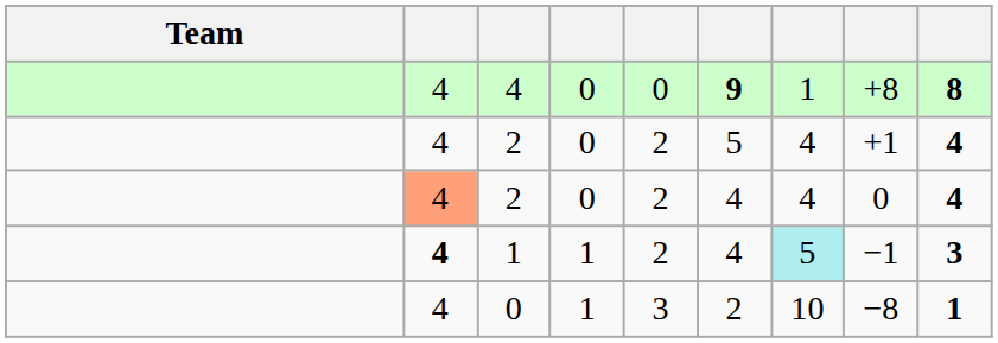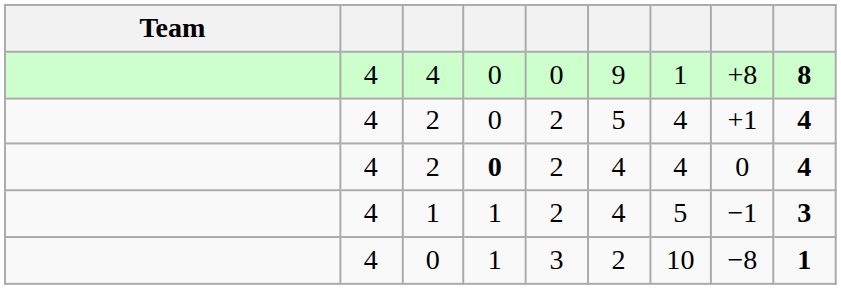 <table class="wikitable" style="text-align: center; font-size: 90%;">
 <tr>
 <th width="165">Team</th>
 <th width="25"></th>
 <th width="25"></th>
 <th width="25"></th>
 <th width="25"></th>
 <th width="25"></th>
 <th width="25"></th>
 <th width="25"></th>
 <th width="25"></th>
 </tr>
 <tr bgcolor=#ccffcc>
 <td align="left"></td>
 <td>4</td>
 <td>4</td>
 <td>0</td>
 <td>0</td>
-<td><strong>9</strong></td>
+<td>9</td>
 <td>1</td>
 <td>+8</td>
 <td><strong>8</strong></td>
 </tr>
 <tr>
 <td align="left"></td>
 <td>4</td>
 <td>2</td>
 <td>0</td>
 <td>2</td>
 <td>5</td>
 <td>4</td>
 <td>+1</td>
 <td><strong>4</strong></td>
 </tr>
 <tr>
 <td align="left"></td>
-<td style="background: lightsalmon;">4</td>
+<td>4</td>
 <td>2</td>
-<td>0</td>
+<td><strong>0</strong></td>
 <td>2</td>
 <td>4</td>
 <td>4</td>
 <td>0</td>
 <td><strong>4</strong></td>
 </tr>
 <tr>
 <td align="left"></td>
-<td><strong>4</strong></td>
+<td>4</td>
 <td>1</td>
 <td>1</td>
 <td>2</td>
 <td>4</td>
-<td style="background: paleturquoise;">5</td>
+<td>5</td>
 <td>−1</td>
 <td><strong>3</strong></td>
 </tr>
 <tr>
 <td align="left"></td>
 <td>4</td>
 <td>0</td>
 <td>1</td>
 <td>3</td>
 <td>2</td>
 <td>10</td>
 <td>−8</td>
 <td><strong>1</strong></td>
 </tr>
 </table>
